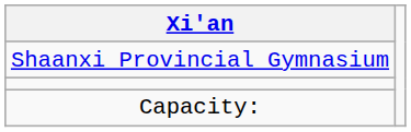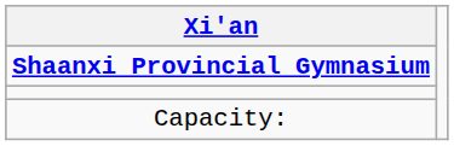 <table class="wikitable" style="text-align:center; margin:1em auto;">
 <tr>
 <th><a href='#'>Xi'an</a></th>
 <td rowspan=4></td>
 </tr>
 <tr>
-<td><a href='#'>Shaanxi Provincial Gymnasium</a></td>
+<td><strong><a href='#'>Shaanxi Provincial Gymnasium</a></strong></td>
 </tr>
 <tr>
 <td></td>
 </tr>
 <tr>
 <td>Capacity:</td>
 </tr>
 </table>
